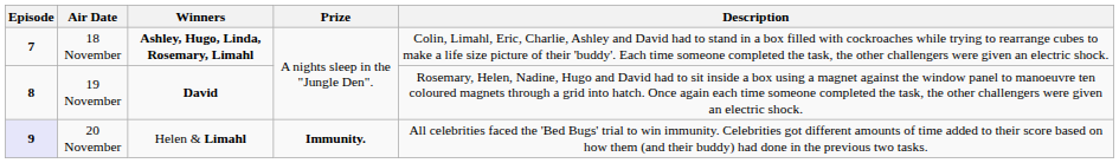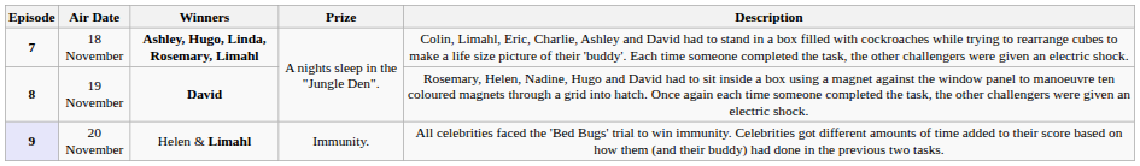 <table class="wikitable" style="text-align:center; font-size:95%">
 <tr>
 <th>Episode</th>
 <th>Air Date</th>
 <th>Winners</th>
 <th>Prize</th>
 <th>Description</th>
 </tr>
 <tr>
 <td><strong>7</strong></td>
 <td>18 November</td>
 <td><strong>Ashley, Hugo, Linda, Rosemary, Limahl</strong></td>
 <td rowspan=2>A nights sleep in the "Jungle Den".</td>
 <td>Colin, Limahl, Eric, Charlie, Ashley and David had to stand in a box filled with cockroaches while trying to rearrange cubes to make a life size picture of their 'buddy'. Each time someone completed the task, the other challengers were given an electric shock.</td>
 </tr>
 <tr>
 <td><strong>8</strong></td>
 <td>19 November</td>
 <td><strong>David</strong></td>
 <td>Rosemary, Helen, Nadine, Hugo and David had to sit inside a box using a magnet against the window panel to manoeuvre ten coloured magnets through a grid into hatch. Once again each time someone completed the task, the other challengers were given an electric shock.</td>
 </tr>
 <tr>
 <td style="background: lavender;"><strong>9</strong></td>
 <td>20 November</td>
 <td>Helen & <strong>Limahl</strong></td>
-<td><strong>Immunity.</strong></td>
+<td>Immunity.</td>
 <td>All celebrities faced the 'Bed Bugs' trial to win immunity. Celebrities got different amounts of time added to their score based on how them (and their buddy) had done in the previous two tasks.</td>
 </tr>
 </table>
